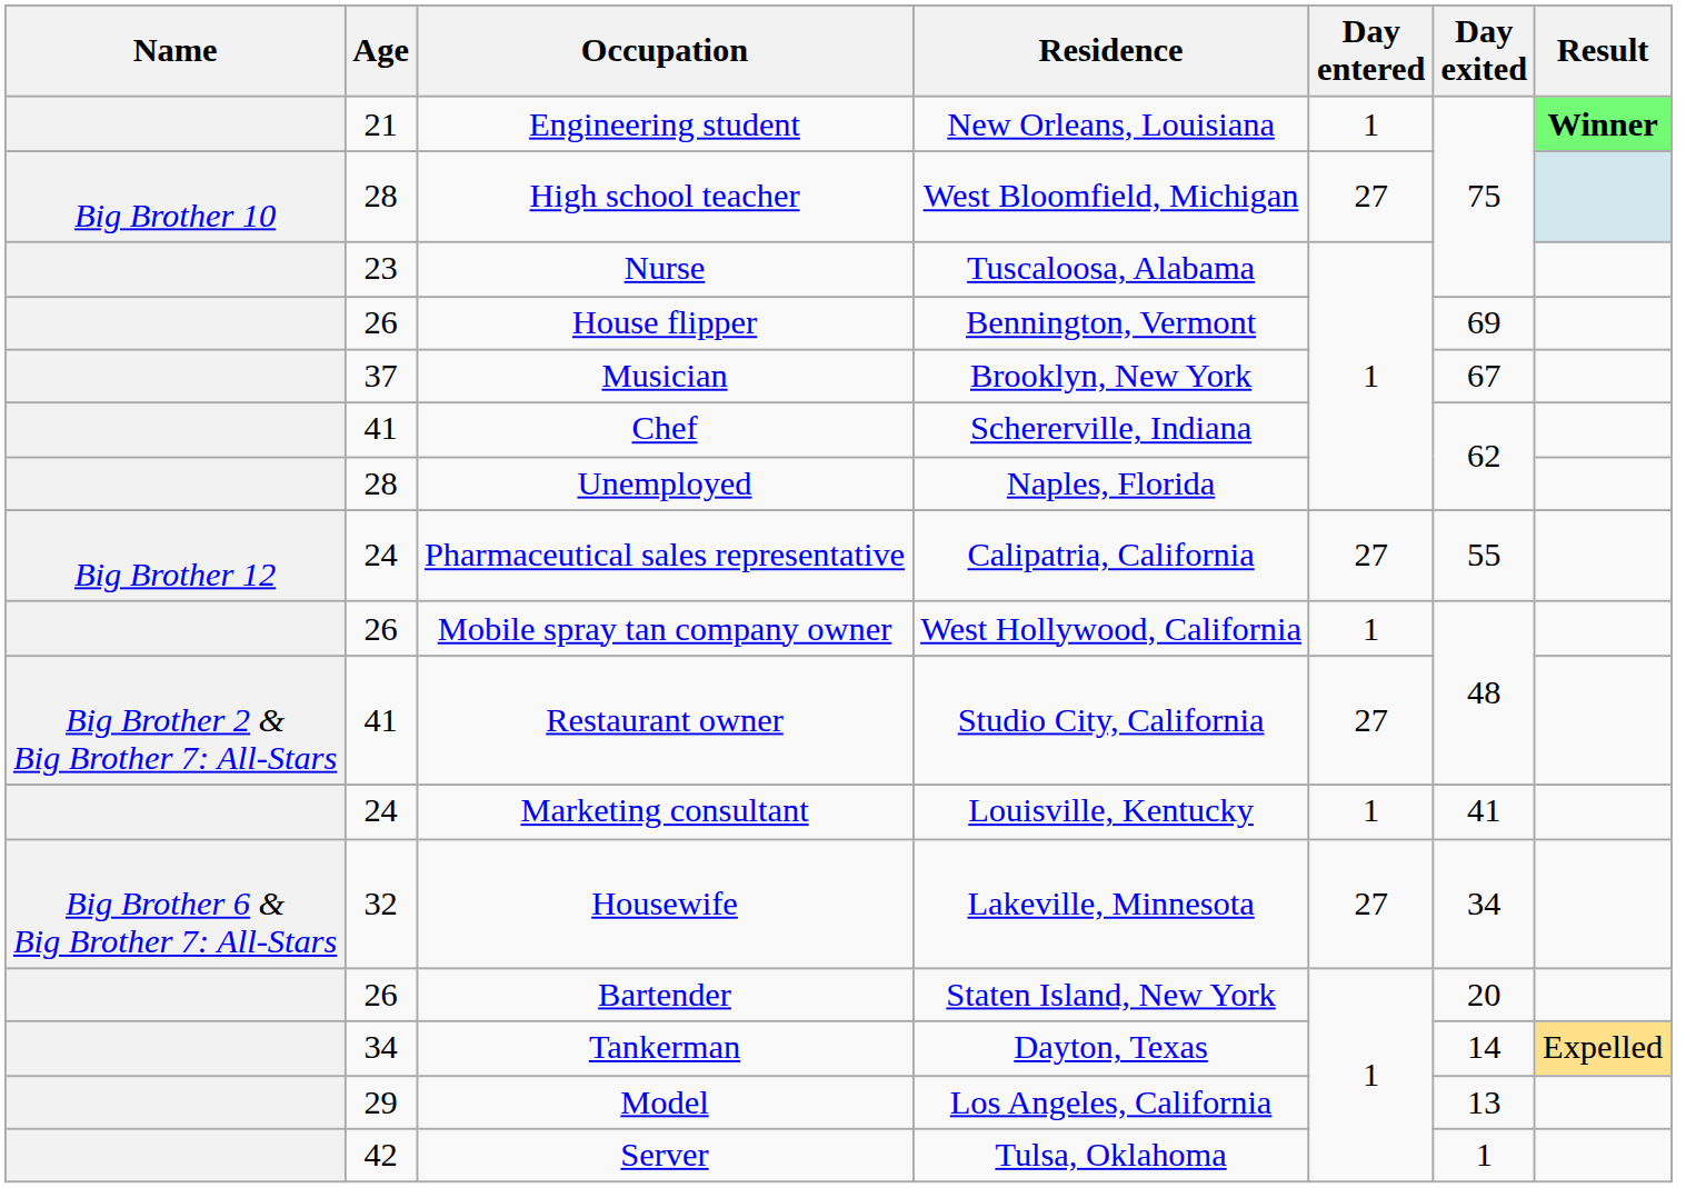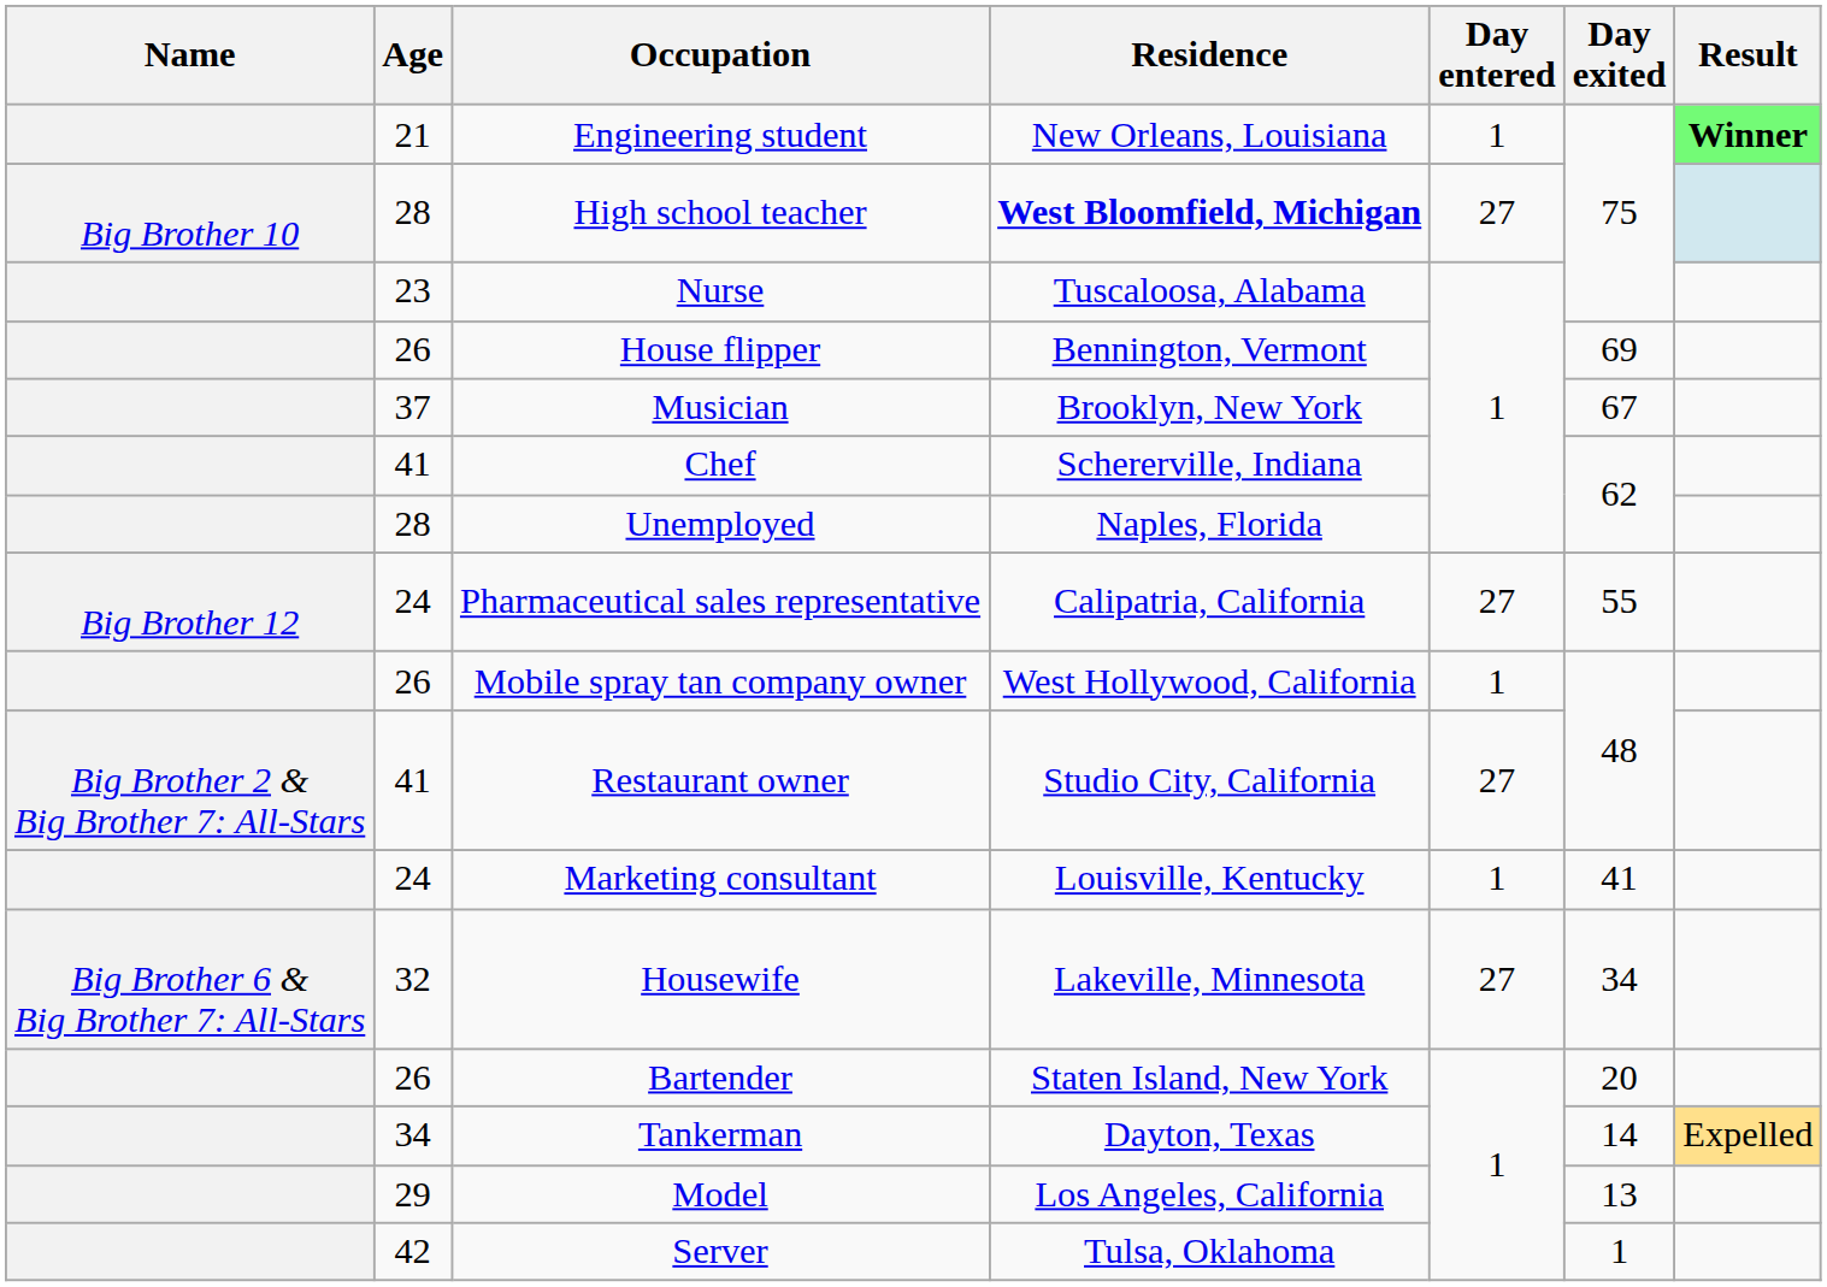 <table class="wikitable sortable" style="text-align:center; font-size:100%;">
 <tr>
 <th scope="col">Name</th>
 <th scope="col">Age</th>
 <th scope="col" class="unsortable">Occupation</th>
 <th scope="col" class="unsortable">Residence</th>
 <th scope="col" class="unsortable">Day<br>entered</th>
 <th scope="col">Day<br>exited</th>
 <th scope="col"class="unsortable">Result</th>
 </tr>
 <tr>
 <th scope="row"></th>
 <td>21</td>
 <td><a href='#'>Engineering student</a></td>
 <td><a href='#'>New Orleans, Louisiana</a></td>
 <td>1</td>
 <td rowspan="3">75</td>
 <td bgcolor="73FB76"><strong>Winner</strong></td>
 </tr>
 <tr>
 <th scope="row" style="font-weight:normal"><strong></strong><br><em><a href='#'>Big Brother 10</a></em></th>
 <td>28</td>
 <td><a href='#'>High school teacher</a></td>
-<td><a href='#'>West Bloomfield, Michigan</a></td>
+<td><strong><a href='#'>West Bloomfield, Michigan</a></strong></td>
 <td>27</td>
 <td bgcolor="D1E8EF"></td>
 </tr>
 <tr>
 <th scope="row"></th>
 <td>23</td>
 <td><a href='#'>Nurse</a></td>
 <td><a href='#'>Tuscaloosa, Alabama</a></td>
 <td rowspan="5">1</td>
 <td></td>
 </tr>
 <tr>
 <th scope="row"></th>
 <td>26</td>
 <td><a href='#'>House flipper</a></td>
 <td><a href='#'>Bennington, Vermont</a></td>
 <td>69</td>
 <td></td>
 </tr>
 <tr>
 <th scope="row"></th>
 <td>37</td>
 <td><a href='#'>Musician</a></td>
 <td><a href='#'>Brooklyn, New York</a></td>
 <td>67</td>
 <td></td>
 </tr>
 <tr>
 <th scope="row"></th>
 <td>41</td>
 <td><a href='#'>Chef</a></td>
 <td><a href='#'>Schererville, Indiana</a></td>
 <td rowspan="2">62</td>
 <td></td>
 </tr>
 <tr>
 <th scope="row"></th>
 <td>28</td>
 <td><a href='#'>Unemployed</a></td>
 <td><a href='#'>Naples, Florida</a></td>
 <td></td>
 </tr>
 <tr>
 <th scope="row" style="font-weight:normal"><strong></strong><br><em><a href='#'>Big Brother 12</a></em></th>
 <td>24</td>
 <td><a href='#'>Pharmaceutical sales representative</a></td>
 <td><a href='#'>Calipatria, California</a></td>
 <td>27</td>
 <td>55</td>
 <td></td>
 </tr>
 <tr>
 <th scope="row"></th>
 <td>26</td>
 <td><a href='#'>Mobile spray tan company owner</a></td>
 <td><a href='#'>West Hollywood, California</a></td>
 <td>1</td>
 <td rowspan="2">48</td>
 <td></td>
 </tr>
 <tr>
 <th scope="row" style="font-weight:normal"><strong></strong><br><em><a href='#'>Big Brother 2</a> &<br><a href='#'>Big Brother 7: All-Stars</a></em></th>
 <td>41</td>
 <td><a href='#'>Restaurant owner</a></td>
 <td><a href='#'>Studio City, California</a></td>
 <td>27</td>
 <td></td>
 </tr>
 <tr>
 <th scope="row"></th>
 <td>24</td>
 <td><a href='#'>Marketing consultant</a></td>
 <td><a href='#'>Louisville, Kentucky</a></td>
 <td>1</td>
 <td>41</td>
 <td></td>
 </tr>
 <tr>
 <th scope="row" style="font-weight:normal"><strong></strong><br><em><a href='#'>Big Brother 6</a> &<br><a href='#'>Big Brother 7: All-Stars</a></em></th>
 <td>32</td>
 <td><a href='#'>Housewife</a></td>
 <td><a href='#'>Lakeville, Minnesota</a></td>
 <td>27</td>
 <td>34</td>
 <td></td>
 </tr>
 <tr>
 <th scope="row"></th>
 <td>26</td>
 <td><a href='#'>Bartender</a></td>
 <td><a href='#'>Staten Island, New York</a></td>
 <td rowspan="4">1</td>
 <td>20</td>
 <td></td>
 </tr>
 <tr>
 <th scope="row"></th>
 <td>34</td>
 <td><a href='#'>Tankerman</a></td>
 <td><a href='#'>Dayton, Texas</a></td>
 <td>14</td>
 <td bgcolor="FFE08B">Expelled</td>
 </tr>
 <tr>
 <th scope="row"></th>
 <td>29</td>
 <td><a href='#'>Model</a></td>
 <td><a href='#'>Los Angeles, California</a></td>
 <td>13</td>
 <td></td>
 </tr>
 <tr>
 <th scope="row"></th>
 <td>42</td>
 <td><a href='#'>Server</a></td>
 <td><a href='#'>Tulsa, Oklahoma</a></td>
 <td>1</td>
 <td></td>
 </tr>
 </table>
